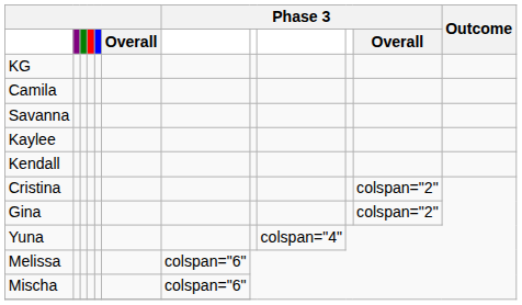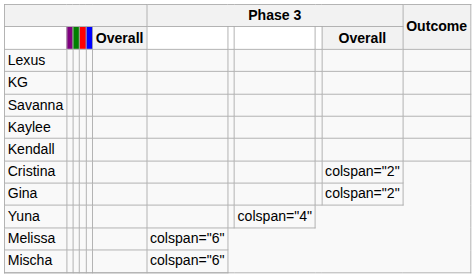 <table class="wikitable sortable">
 <tr>
 <th colspan="6"></th>
 <th colspan="5">Phase 3</th>
 <th rowspan="2">Outcome</th>
 </tr>
 <tr>
 <th style="background:white;" "text-align:center;"></th>
 <th style="background:purple;" "text-align:center;"></th>
 <th style="background:green;" "text-align:center;"></th>
 <th style="background:red;" "text-align:center;"></th>
 <th style="background:blue;" "text-align:center;"></th>
 <th style="text-align:center;">Overall</th>
 <th style="background:white;" "text-align:center;"></th>
 <th style="background:white;" "text-align:center;"></th>
 <th style="background:white;" "text-align:center;"></th>
 <th style="background:white;" "text-align:center;"></th>
 <th style="text-align:center;">Overall</th>
 </tr>
 <tr>
-<td>KG</td>
+<td>Lexus</td>
 <td></td>
 <td></td>
 <td></td>
 <td></td>
 <td></td>
 <td></td>
 <td></td>
 <td></td>
 <td></td>
 <td></td>
 <td></td>
 </tr>
 <tr>
-<td>Camila</td>
+<td>KG</td>
 <td></td>
 <td></td>
 <td></td>
 <td></td>
 <td></td>
 <td></td>
 <td></td>
 <td></td>
 <td></td>
 <td></td>
 <td></td>
 </tr>
 <tr>
 <td>Savanna</td>
 <td></td>
 <td></td>
 <td></td>
 <td></td>
 <td></td>
 <td></td>
 <td></td>
 <td></td>
 <td></td>
 <td></td>
 <td></td>
 </tr>
 <tr>
 <td>Kaylee</td>
 <td></td>
 <td></td>
 <td></td>
 <td></td>
 <td></td>
 <td></td>
 <td></td>
 <td></td>
 <td></td>
 <td></td>
 <td></td>
 </tr>
 <tr>
 <td>Kendall</td>
 <td></td>
 <td></td>
 <td></td>
 <td></td>
 <td></td>
 <td></td>
 <td></td>
 <td></td>
 <td></td>
 <td></td>
 <td></td>
 </tr>
 <tr>
 <td>Cristina</td>
 <td></td>
 <td></td>
 <td></td>
 <td></td>
 <td></td>
 <td></td>
 <td></td>
 <td></td>
 <td></td>
 <td>colspan="2" </td>
 </tr>
 <tr>
 <td>Gina</td>
 <td></td>
 <td></td>
 <td></td>
 <td></td>
 <td></td>
 <td></td>
 <td></td>
 <td></td>
 <td></td>
 <td>colspan="2" </td>
 </tr>
 <tr>
 <td>Yuna</td>
 <td></td>
 <td></td>
 <td></td>
 <td></td>
 <td></td>
 <td></td>
 <td></td>
 <td>colspan="4" </td>
 </tr>
 <tr>
 <td>Melissa</td>
 <td></td>
 <td></td>
 <td></td>
 <td></td>
 <td></td>
 <td>colspan="6" </td>
 </tr>
 <tr>
 <td>Mischa</td>
 <td></td>
 <td></td>
 <td></td>
 <td></td>
 <td></td>
 <td>colspan="6" </td>
 </tr>
 <tr>
 </tr>
 </table>
